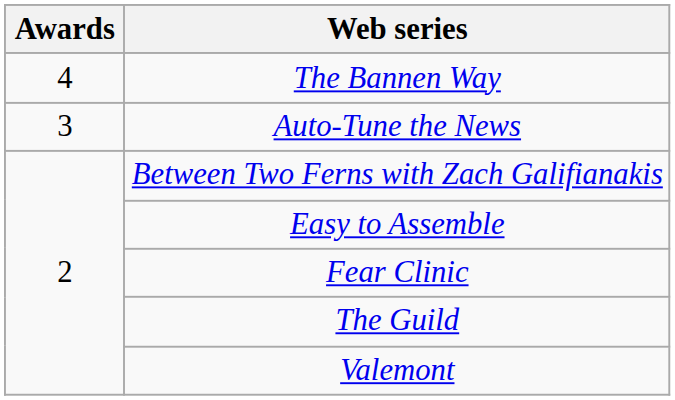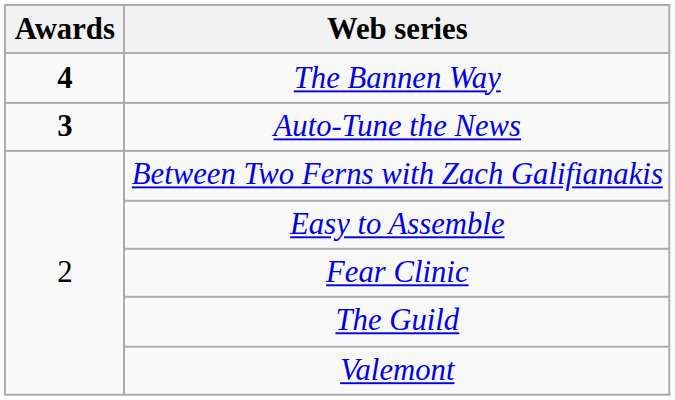 <table class="wikitable plainrowheaders" style="text-align:center;">
 <tr>
 <th scope="col" style="width:55px;">Awards</th>
 <th scope="col" style="text-align:center;">Web series</th>
 </tr>
 <tr>
-<td scope="row" style="text-align:center">4</td>
+<td scope="row" style="text-align:center"><strong>4</strong></td>
 <td><em><a href='#'>The Bannen Way</a></em></td>
 </tr>
 <tr>
-<td scope="row" style="text-align:center">3</td>
+<td scope="row" style="text-align:center"><strong>3</strong></td>
 <td><em><a href='#'>Auto-Tune the News</a></em></td>
 </tr>
 <tr>
 <td rowspan="5">2</td>
 <td><em><a href='#'>Between Two Ferns with Zach Galifianakis</a></em></td>
 </tr>
 <tr>
 <td><em><a href='#'>Easy to Assemble</a></em></td>
 </tr>
 <tr>
 <td><em><a href='#'>Fear Clinic</a></em></td>
 </tr>
 <tr>
 <td><a href='#'><em>The Guild</em></a></td>
 </tr>
 <tr>
 <td><em><a href='#'>Valemont</a></em></td>
 </tr>
 </table>
